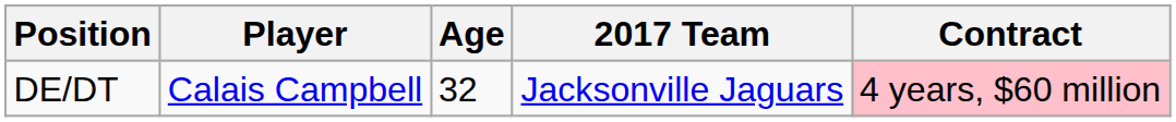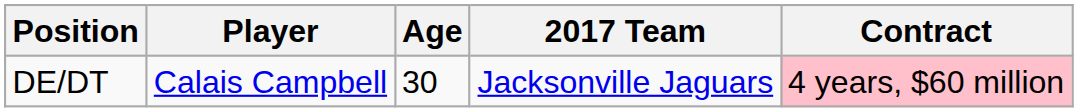 <table class="wikitable" style="font-size: 95%; text-align: left">
 <tr>
 <th>Position</th>
 <th>Player</th>
 <th>Age</th>
 <th>2017 Team</th>
 <th>Contract</th>
 </tr>
 <tr>
 <td>DE/DT</td>
 <td><a href='#'>Calais Campbell</a></td>
-<td>32</td>
+<td>30</td>
 <td><a href='#'>Jacksonville Jaguars</a></td>
 <td style="background: pink;">4 years, $60 million</td>
 </tr>
 </table>
